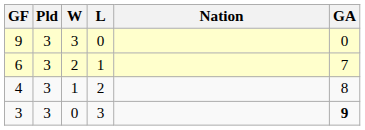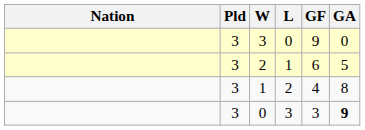 <table class=wikitable style="text-align:center">
 <tr>
-<th width=20]]>GF</th>
+<th width=220]]>Nation</th>
 <th width=20]]>Pld</th>
 <th width=20>W</th>
 <th width=20]]>L</th>
-<th width=220]]>Nation</th>
+<th width=20]]>GF</th>
 <th width=20]]>GA</th>
 </tr>
 <tr bgcolor=#ffffcc>
-<td>9</td>
+<td align=left></td>
 <td>3</td>
 <td>3</td>
 <td>0</td>
-<td align=left></td>
+<td>9</td>
 <td>0</td>
 </tr>
 <tr bgcolor=#ffffcc>
-<td>6</td>
+<td align=left></td>
 <td>3</td>
 <td>2</td>
 <td>1</td>
-<td align=left></td>
-<td>7</td>
+<td>6</td>
+<td>5</td>
 </tr>
 <tr>
-<td>4</td>
+<td align=left></td>
 <td>3</td>
 <td>1</td>
 <td>2</td>
-<td align=left></td>
+<td>4</td>
 <td>8</td>
 </tr>
 <tr>
-<td>3</td>
+<td align=left></td>
 <td>3</td>
 <td>0</td>
 <td>3</td>
-<td align=left></td>
+<td>3</td>
 <td><strong>9</strong></td>
 </tr>
 </table>
